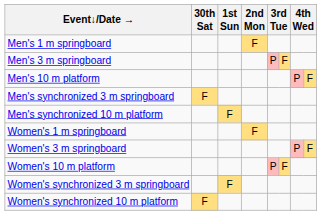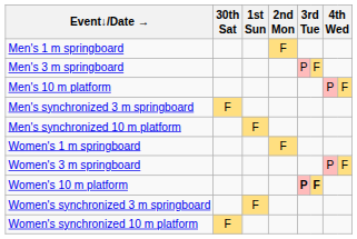 <table class="wikitable" style="margin:0.5em auto; font-size:90%; line-height:1.25em; text-align:center;">
 <tr>
 <th>Event↓/Date →</th>
 <th>30th<br>Sat</th>
 <th>1st<br>Sun</th>
 <th>2nd<br>Mon</th>
 <th colspan=2>3rd<br>Tue</th>
 <th colspan=2>4th<br>Wed</th>
 </tr>
 <tr>
 <td align="left"><a href='#'>Men's 1 m springboard</a></td>
 <td></td>
 <td></td>
 <td bgcolor="#FFDF80">F</td>
 <td colspan=2></td>
 <td colspan=2></td>
 </tr>
 <tr>
 <td align="left"><a href='#'>Men's 3 m springboard</a></td>
 <td></td>
 <td></td>
 <td></td>
 <td bgcolor="#FFBBBB">P</td>
 <td bgcolor="#FFDF80">F</td>
 <td colspan=2></td>
 </tr>
 <tr>
 <td align="left"><a href='#'>Men's 10 m platform</a></td>
 <td></td>
 <td></td>
 <td></td>
 <td colspan=2></td>
 <td bgcolor="#FFBBBB">P</td>
 <td bgcolor="#FFDF80">F</td>
 </tr>
 <tr>
 <td align="left"><a href='#'>Men's synchronized 3 m springboard</a></td>
 <td bgcolor="#FFDF80">F</td>
 <td></td>
 <td></td>
 <td colspan=2></td>
 <td colspan=2></td>
 </tr>
 <tr>
 <td align="left"><a href='#'>Men's synchronized 10 m platform</a></td>
 <td></td>
 <td bgcolor="#FFDF80">F</td>
 <td></td>
 <td colspan=2></td>
 <td colspan=2></td>
 </tr>
 <tr>
 <td align="left"><a href='#'>Women's 1 m springboard</a></td>
 <td></td>
 <td></td>
 <td bgcolor="#FFDF80">F</td>
 <td colspan=2></td>
 <td colspan=2></td>
 </tr>
 <tr>
 <td align="left"><a href='#'>Women's 3 m springboard</a></td>
 <td></td>
 <td></td>
 <td></td>
 <td colspan=2></td>
 <td bgcolor="#FFBBBB">P</td>
 <td bgcolor="#FFDF80">F</td>
 </tr>
 <tr>
 <td align="left"><a href='#'>Women's 10 m platform</a></td>
 <td></td>
 <td></td>
 <td></td>
-<td bgcolor="#FFBBBB">P</td>
-<td bgcolor="#FFDF80">F</td>
+<td bgcolor="#FFBBBB"><strong>P</strong></td>
+<td bgcolor="#FFDF80"><strong>F</strong></td>
 <td colspan=2></td>
 </tr>
 <tr>
 <td align="left"><a href='#'>Women's synchronized 3 m springboard</a></td>
 <td></td>
 <td bgcolor="#FFDF80">F</td>
 <td></td>
 <td colspan=2></td>
 <td colspan=2></td>
 </tr>
 <tr>
 <td align="left"><a href='#'>Women's synchronized 10 m platform</a></td>
 <td bgcolor="#FFDF80">F</td>
 <td></td>
 <td></td>
 <td colspan=2></td>
 <td colspan=2></td>
 </tr>
 </table>
